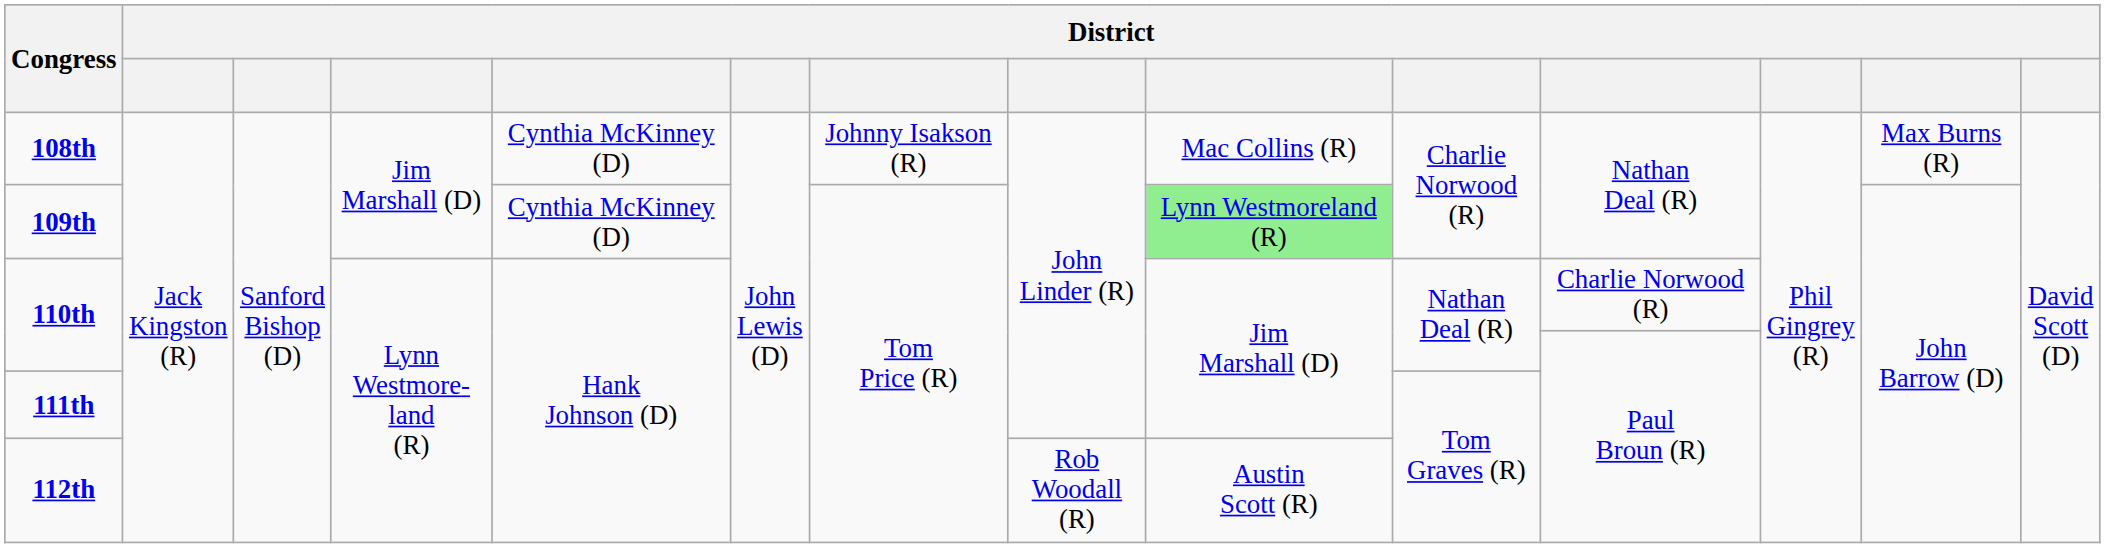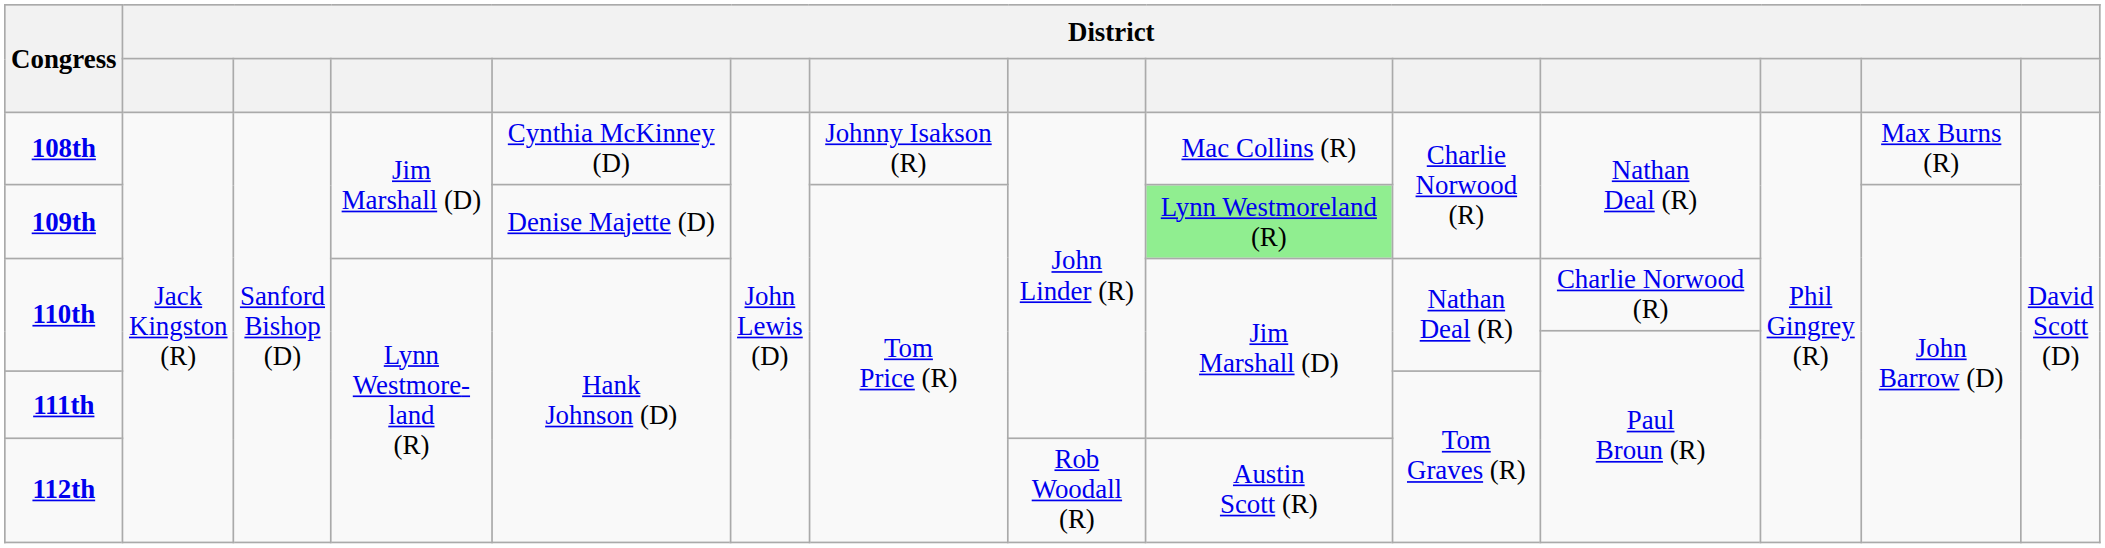 <table class=wikitable style="text-align:center">
 <tr style="height:2em">
 <th rowspan=2>Congress</th>
 <th colspan=13>District</th>
 </tr>
 <tr style="height:2em">
 <th></th>
 <th></th>
 <th></th>
 <th></th>
 <th></th>
 <th></th>
 <th></th>
 <th></th>
 <th></th>
 <th></th>
 <th></th>
 <th></th>
 <th></th>
 </tr>
 <tr style="height:2.5em">
 <td><strong><a href='#'>108th</a></strong> </td>
 <td rowspan="6" ><a href='#'>Jack<br>Kingston</a><br>(R)</td>
 <td rowspan="6" ><a href='#'>Sanford<br>Bishop</a><br>(D)</td>
 <td rowspan="2" ><a href='#'>Jim<br>Marshall</a> (D)</td>
 <td><a href='#'>Cynthia McKinney</a> (D)</td>
 <td rowspan="6" ><a href='#'>John<br>Lewis</a><br>(D)</td>
 <td><a href='#'>Johnny Isakson</a> (R)</td>
 <td rowspan="5" ><a href='#'>John<br>Linder</a> (R)</td>
 <td><a href='#'>Mac Collins</a> (R)</td>
 <td rowspan="2" ><a href='#'>Charlie<br>Norwood</a> (R)</td>
 <td rowspan="2" ><a href='#'>Nathan<br>Deal</a> (R)</td>
 <td rowspan="6" ><a href='#'>Phil<br>Gingrey</a><br>(R)</td>
 <td><a href='#'>Max Burns</a> (R)</td>
 <td rowspan="6" ><a href='#'>David<br>Scott</a><br>(D)</td>
 </tr>
 <tr style="height:2.5em">
 <td><strong><a href='#'>109th</a></strong> </td>
-<td><a href='#'>Cynthia McKinney</a> (D)</td>
+<td><a href='#'>Denise Majette</a> (D)</td>
 <td rowspan="5" ><a href='#'>Tom<br>Price</a> (R)</td>
 <td style="background: lightgreen;"><a href='#'>Lynn Westmore­land</a> (R)</td>
 <td rowspan="5" ><a href='#'>John<br>Barrow</a> (D)</td>
 </tr>
 <tr style="height:2em">
 <td rowspan="2"><strong><a href='#'>110th</a></strong> </td>
 <td rowspan="4" ><a href='#'>Lynn<br>Westmore­land</a><br>(R)</td>
 <td rowspan="4" ><a href='#'>Hank<br>Johnson</a> (D)</td>
 <td rowspan="3" ><a href='#'>Jim<br>Marshall</a> (D)</td>
 <td rowspan="2" ><a href='#'>Nathan<br>Deal</a> (R)</td>
 <td><a href='#'>Charlie Norwood</a> (R)</td>
 </tr>
 <tr style="height:1.5em">
 <td rowspan="3" ><a href='#'>Paul<br>Broun</a> (R)</td>
 </tr>
 <tr style="height:2.5em">
 <td><strong><a href='#'>111th</a></strong> </td>
 <td rowspan="2" ><a href='#'>Tom<br>Graves</a> (R)</td>
 </tr>
 <tr style="height:2.5em">
 <td><strong><a href='#'>112th</a></strong> </td>
 <td><a href='#'>Rob<br>Woodall</a> (R)</td>
 <td><a href='#'>Austin<br>Scott</a> (R)</td>
 </tr>
 </table>
